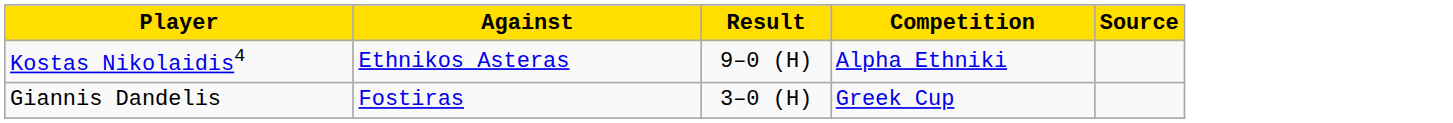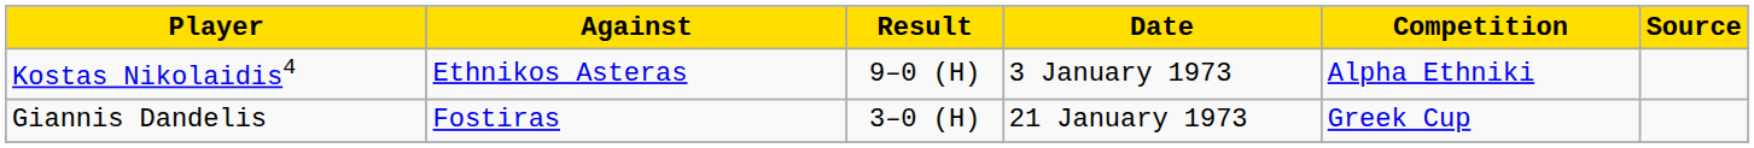 <table class="wikitable">
 <tr>
 <th width=200 style="background:#FFDE00">Player</th>
 <th width=200 style="background:#FFDE00">Against</th>
 <th width=70 style="background:#FFDE00">Result</th>
+<th width=150 style="background:#FFDE00">Date</th>
 <th width=150 style="background:#FFDE00">Competition</th>
 <th style="background:#FFDE00">Source</th>
 </tr>
 <tr>
 <td> <a href='#'>Kostas Nikolaidis</a><sup>4</sup></td>
 <td> <a href='#'>Ethnikos Asteras</a></td>
 <td align=center>9–0 (H)</td>
+<td>3 January 1973</td>
 <td><a href='#'>Alpha Ethniki</a></td>
 <td align=center></td>
 </tr>
 <tr>
 <td> Giannis Dandelis</td>
 <td> <a href='#'>Fostiras</a></td>
 <td align=center>3–0 (H)</td>
+<td>21 January 1973</td>
 <td><a href='#'>Greek Cup</a></td>
 <td align=center></td>
 </tr>
 </table>
